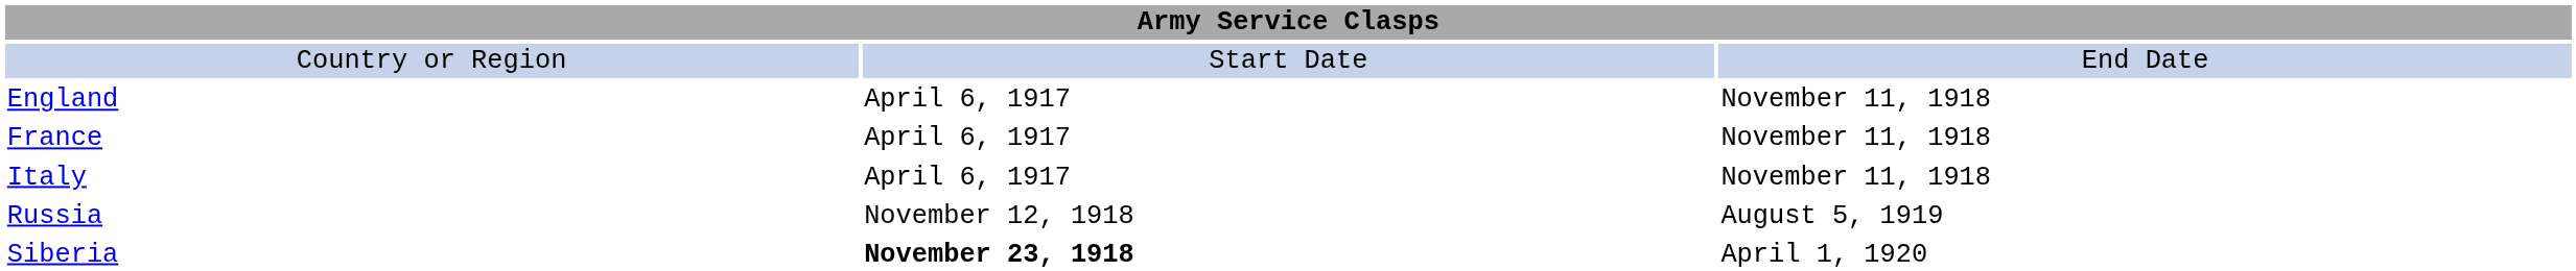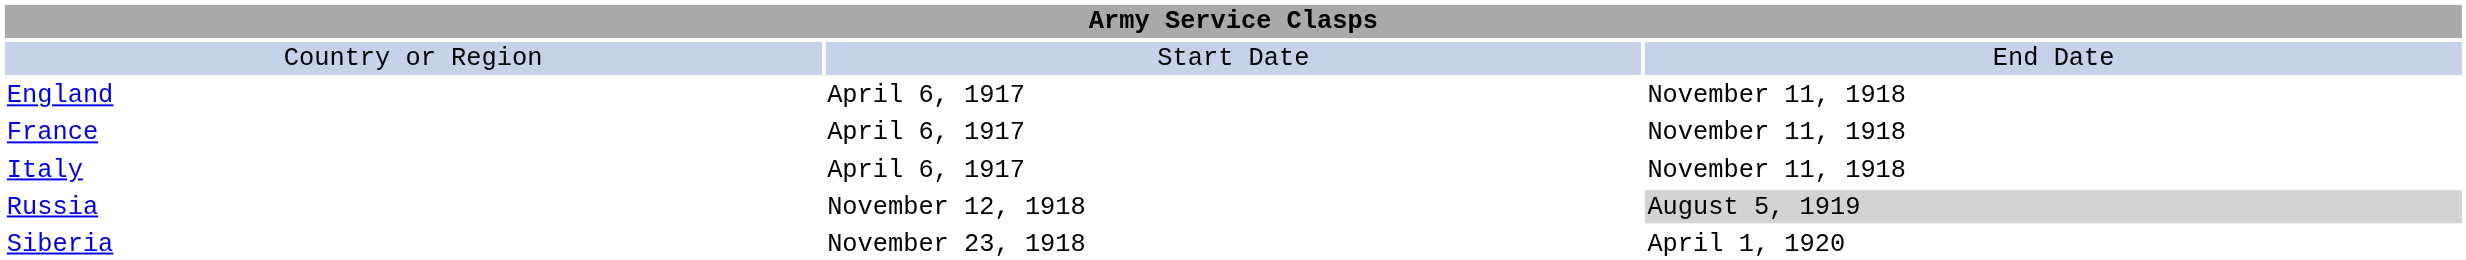 <table class="toccolours"  style="width:100%; clear:both; margin:1.5em auto; text-align:center;">
 <tr>
 <th colspan="7" style="background:darkGrey;"><span>Army Service Clasps</span></th>
 </tr>
 <tr style="background:#c5d2ea; text-align:center;">
 <td>Country or Region</td>
 <td>Start Date</td>
 <td>End Date</td>
 </tr>
 <tr style="text-align:left;">
 <td><a href='#'>England</a></td>
 <td>April 6, 1917</td>
 <td>November 11, 1918</td>
 </tr>
 <tr align=left>
 <td><a href='#'>France</a></td>
 <td>April 6, 1917</td>
 <td>November 11, 1918</td>
 </tr>
 <tr align=left>
 <td><a href='#'>Italy</a></td>
 <td>April 6, 1917</td>
 <td>November 11, 1918</td>
 </tr>
 <tr align=left>
 <td><a href='#'>Russia</a></td>
 <td>November 12, 1918</td>
-<td>August 5, 1919</td>
+<td style="background: lightgrey;">August 5, 1919</td>
 </tr>
 <tr align=left>
 <td><a href='#'>Siberia</a></td>
-<td><strong>November 23, 1918</strong></td>
+<td>November 23, 1918</td>
 <td>April 1, 1920</td>
 </tr>
 </table>
